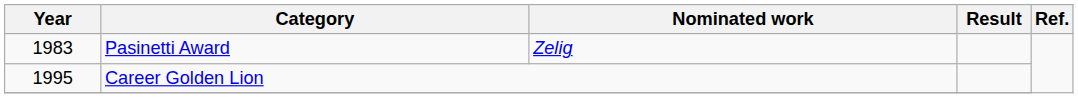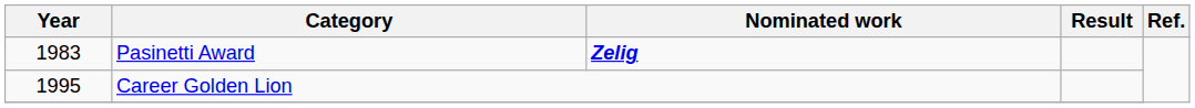 <table class="wikitable unsortable plainrowheaders" Style=font-size:98%>
 <tr>
 <th scope="col" style="width:9%;">Year</th>
 <th scope="col" style="width:20em;">Category</th>
 <th scope="col" style="width:20em;">Nominated work</th>
 <th scope="col" style="width:2em;">Result</th>
 <th scope="col" style="width:4%;" class="unsortable">Ref.</th>
 </tr>
 <tr>
 <td style="text-align:center;">1983</td>
 <td><a href='#'>Pasinetti Award</a></td>
-<td><em><a href='#'>Zelig</a></em></td>
+<td><strong><em><a href='#'>Zelig</a></em></strong></td>
 <td></td>
 </tr>
 <tr>
 <td style="text-align:center;">1995</td>
 <td colspan=2><a href='#'>Career Golden Lion</a></td>
 <td></td>
 </tr>
 <tr>
 </tr>
 </table>
